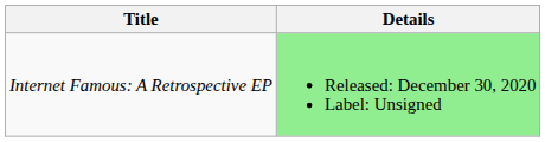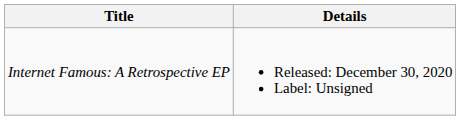 <table class="wikitable">
 <tr>
 <th>Title</th>
 <th>Details</th>
 </tr>
 <tr>
 <td><em>Internet Famous: A Retrospective EP</em></td>
-<td style="background: lightgreen;"><br><ul><li>Released: December 30, 2020</li><li>Label: Unsigned</li></ul></td>
+<td><br><ul><li>Released: December 30, 2020</li><li>Label: Unsigned</li></ul></td>
 </tr>
 </table>
